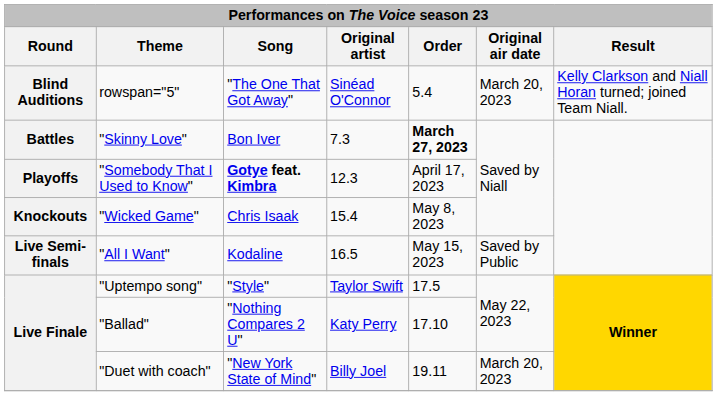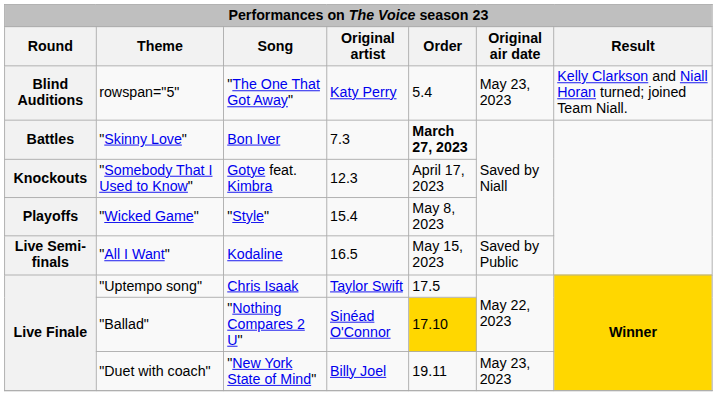 <table class="wikitable collapsible autocollapse" style="width:90%; margin:1em auto 1em auto;">
 <tr>
 <th colspan="7" style="background:#BFBFBF;">Performances on <em>The Voice</em> season 23</th>
 </tr>
 <tr>
 <th>Round</th>
 <th>Theme</th>
 <th>Song</th>
 <th>Original artist</th>
 <th>Order</th>
 <th>Original air date</th>
 <th>Result</th>
 </tr>
 <tr>
 <th scope="row">Blind Auditions</th>
 <td>rowspan="5" </td>
 <td>"<a href='#'>The One That Got Away</a>"</td>
-<td><a href='#'>Sinéad O'Connor</a></td>
+<td><a href='#'>Katy Perry</a></td>
 <td>5.4</td>
-<td>March 20, 2023</td>
+<td>May 23, 2023</td>
 <td><a href='#'>Kelly Clarkson</a> and <a href='#'>Niall Horan</a> turned; joined Team Niall.</td>
 </tr>
 <tr>
 <th scope="row">Battles<br></th>
 <td>"<a href='#'>Skinny Love</a>" </td>
 <td><a href='#'>Bon Iver</a></td>
 <td>7.3</td>
 <td><strong>March 27, 2023</strong></td>
 <td rowspan="3">Saved by Niall</td>
 </tr>
 <tr>
-<th scope="row">Playoffs<br></th>
+<th scope="row">Knockouts<br></th>
 <td>"<a href='#'>Somebody That I Used to Know</a>" </td>
-<td><strong><a href='#'>Gotye</a> feat. <a href='#'>Kimbra</a></strong></td>
+<td><a href='#'>Gotye</a> feat. <a href='#'>Kimbra</a></td>
 <td>12.3</td>
 <td>April 17, 2023</td>
 </tr>
 <tr>
-<th scope="row">Knockouts<br></th>
+<th scope="row">Playoffs<br></th>
 <td>"<a href='#'>Wicked Game</a>"</td>
-<td><a href='#'>Chris Isaak</a></td>
+<td>"<a href='#'>Style</a>"</td>
 <td>15.4</td>
 <td>May 8, 2023</td>
 </tr>
 <tr>
 <th scope="row">Live Semi-finals<br></th>
 <td>"<a href='#'>All I Want</a>"</td>
 <td><a href='#'>Kodaline</a></td>
 <td>16.5</td>
 <td>May 15, 2023</td>
 <td>Saved by Public</td>
 </tr>
 <tr>
 <th rowspan=3>Live Finale<br></th>
 <td>"Uptempo song"</td>
-<td>"<a href='#'>Style</a>"</td>
+<td><a href='#'>Chris Isaak</a></td>
 <td><a href='#'>Taylor Swift</a></td>
 <td>17.5</td>
 <td rowspan=2>May 22, 2023</td>
 <th rowspan=3 style="background:gold;">Winner</th>
 </tr>
 <tr>
 <td>"Ballad"</td>
 <td>"<a href='#'>Nothing Compares 2 U</a>"</td>
-<td><a href='#'>Katy Perry</a></td>
-<td>17.10</td>
+<td><a href='#'>Sinéad O'Connor</a></td>
+<td style="background: gold;">17.10</td>
 </tr>
 <tr>
 <td>"Duet with coach"</td>
 <td>"<a href='#'>New York State of Mind</a>" </td>
 <td><a href='#'>Billy Joel</a></td>
 <td>19.11</td>
-<td>March 20, 2023</td>
+<td>May 23, 2023</td>
 </tr>
 <tr>
 </tr>
 </table>
